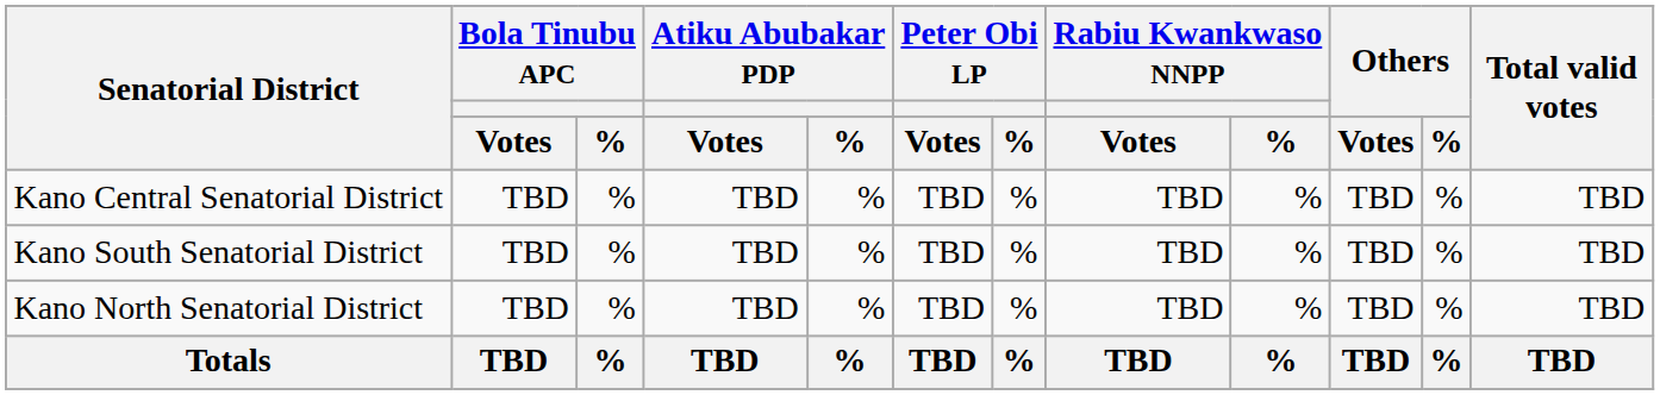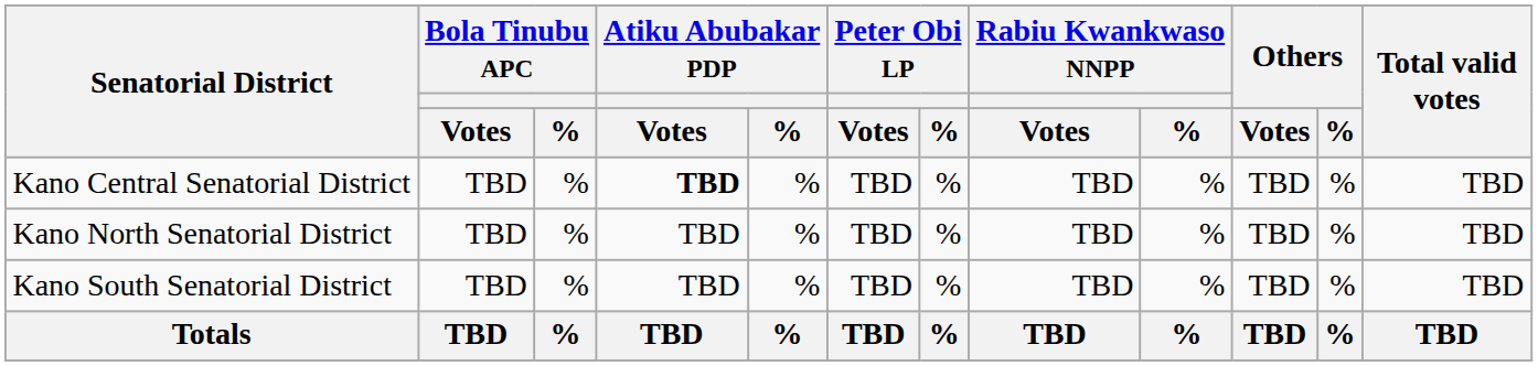 <table class="wikitable sortable" style="text-align:right; font-size:90%">
 <tr>
 <th rowspan="3" style="max-width:7.5em;">Senatorial District</th>
 <th colspan="2"><a href='#'>Bola Tinubu</a><br><small>APC</small></th>
 <th colspan="2"><a href='#'>Atiku Abubakar</a><br><small>PDP</small></th>
 <th colspan="2"><a href='#'>Peter Obi</a><br><small>LP</small></th>
 <th colspan="2"><a href='#'>Rabiu Kwankwaso</a><br><small>NNPP</small></th>
 <th colspan="2" rowspan="2">Others</th>
 <th rowspan="3" style="max-width:5em;">Total valid votes</th>
 </tr>
 <tr>
 <th colspan=2 style="background-color:"></th>
 <th colspan=2 style="background-color:"></th>
 <th colspan=2 style="background-color:"></th>
 <th colspan=2 style="background-color:"></th>
 </tr>
 <tr>
 <th>Votes</th>
 <th>%</th>
 <th>Votes</th>
 <th>%</th>
 <th>Votes</th>
 <th>%</th>
 <th>Votes</th>
 <th>%</th>
 <th>Votes</th>
 <th>%</th>
 </tr>
 <tr style="background-color:#">
 <td style="text-align:left;">Kano Central Senatorial District</td>
 <td>TBD</td>
 <td>%</td>
-<td>TBD</td>
+<td><strong>TBD</strong></td>
 <td>%</td>
 <td>TBD</td>
 <td>%</td>
 <td>TBD</td>
 <td>%</td>
 <td>TBD</td>
 <td>%</td>
 <td>TBD</td>
 </tr>
 <tr style="background-color:#">
-<td style="text-align:left;">Kano South Senatorial District</td>
+<td style="text-align:left;">Kano North Senatorial District</td>
 <td>TBD</td>
 <td>%</td>
 <td>TBD</td>
 <td>%</td>
 <td>TBD</td>
 <td>%</td>
 <td>TBD</td>
 <td>%</td>
 <td>TBD</td>
 <td>%</td>
 <td>TBD</td>
 </tr>
 <tr style="background-color:#">
-<td style="text-align:left;">Kano North Senatorial District</td>
+<td style="text-align:left;">Kano South Senatorial District</td>
 <td>TBD</td>
 <td>%</td>
 <td>TBD</td>
 <td>%</td>
 <td>TBD</td>
 <td>%</td>
 <td>TBD</td>
 <td>%</td>
 <td>TBD</td>
 <td>%</td>
 <td>TBD</td>
 </tr>
 <tr>
 <th>Totals</th>
 <th>TBD</th>
 <th>%</th>
 <th>TBD</th>
 <th>%</th>
 <th>TBD</th>
 <th>%</th>
 <th>TBD</th>
 <th>%</th>
 <th>TBD</th>
 <th>%</th>
 <th>TBD</th>
 </tr>
 </table>
